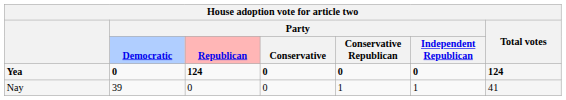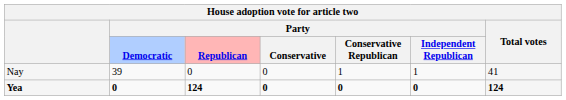 <table class="wikitable">
 <tr>
 <th colspan=7>House adoption vote for article two</th>
 </tr>
 <tr>
 <th rowspan=2></th>
 <th colspan=5>Party</th>
 <th rowspan=2>Total votes</th>
 </tr>
 <tr style="vertical-align:bottom;">
 <th style="background:#b0ceff;"><a href='#'>Democratic</a></th>
 <th style="background:#ffb6b6;"><a href='#'>Republican</a></th>
 <th>Conservative</th>
 <th>Conservative Republican</th>
 <th><a href='#'>Independent Republican</a></th>
 </tr>
 <tr>
+<td style="background:#F5F5F5">Nay</td>
+<td>39</td>
+<td>0</td>
+<td>0</td>
+<td>1</td>
+<td>1</td>
+<td style="background:#F5F5F5">41</td>
+</tr>
+<tr>
 <td style="width: 10em; background:#F5F5F5"><strong>Yea</strong></td>
 <td style="width: 7em;"><strong>0</strong></td>
 <td style="width: 7em;"><strong>124</strong></td>
 <td style="width: 7em;"><strong>0</strong></td>
 <td style="width: 7em;"><strong>0</strong></td>
 <td style="width: 7em;"><strong>0</strong></td>
 <td style="width: 7em; background:#F5F5F5"><strong>124</strong></td>
 </tr>
-<tr>
-<td style="background:#F5F5F5">Nay</td>
-<td>39</td>
-<td>0</td>
-<td>0</td>
-<td>1</td>
-<td>1</td>
-<td style="background:#F5F5F5">41</td>
-</tr>
 </table>
